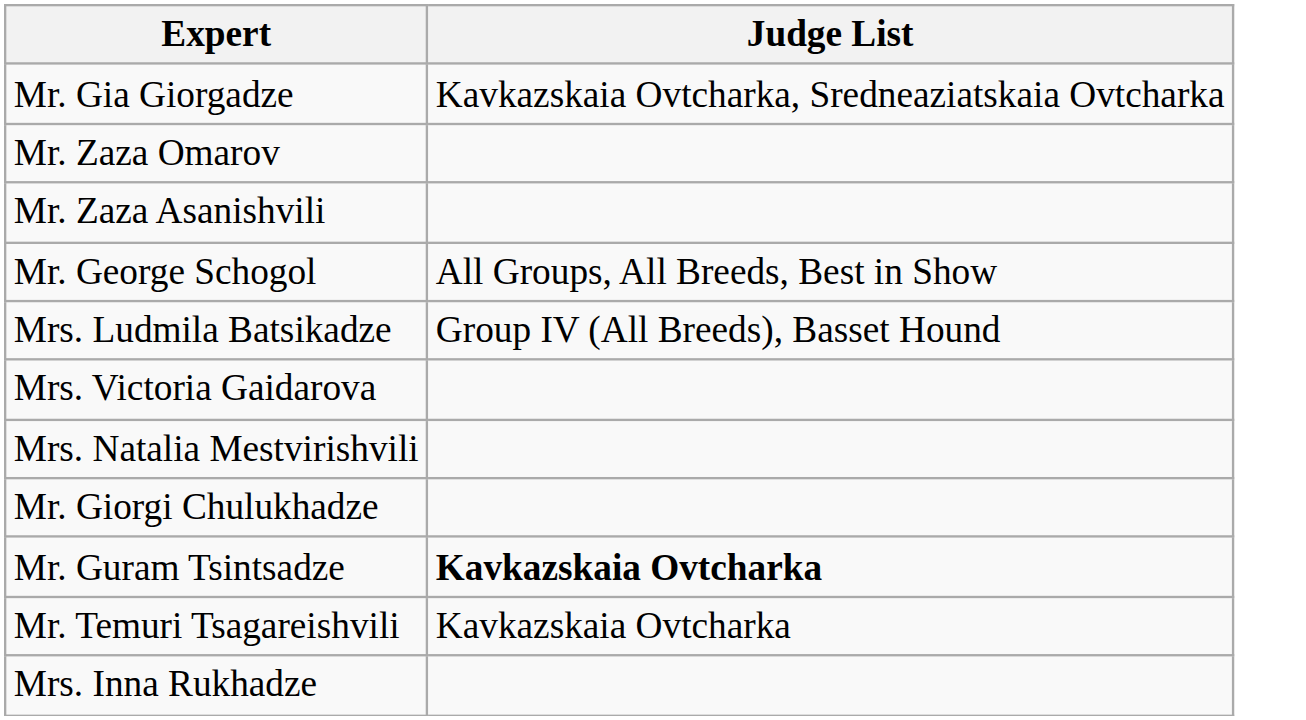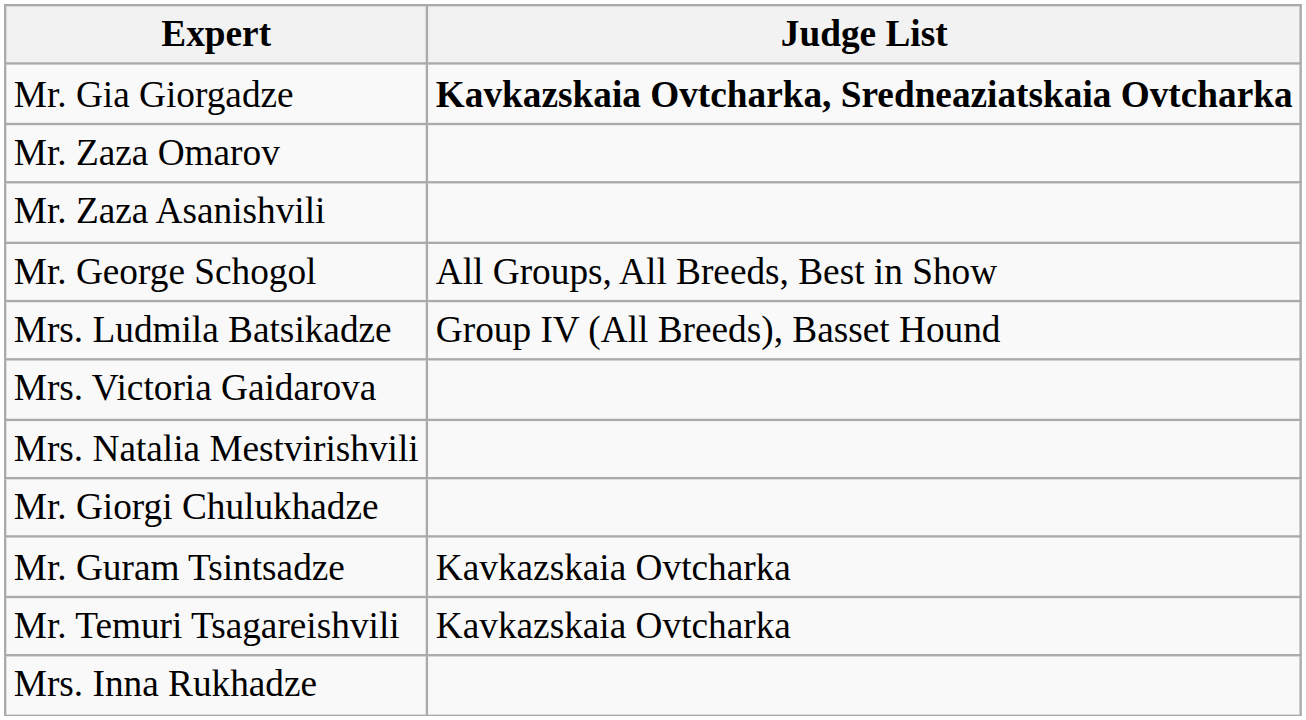 <table class="wikitable">
 <tr>
 <th>Expert</th>
 <th>Judge List</th>
 </tr>
 <tr>
 <td>Mr. Gia Giorgadze</td>
-<td>Kavkazskaia Ovtcharka, Sredneaziatskaia Ovtcharka</td>
+<td><strong>Kavkazskaia Ovtcharka, Sredneaziatskaia Ovtcharka</strong></td>
 </tr>
 <tr>
 <td>Mr. Zaza Omarov</td>
 <td></td>
 </tr>
 <tr>
 <td>Mr. Zaza Asanishvili</td>
 <td></td>
 </tr>
 <tr>
 <td>Mr. George Schogol</td>
 <td>All Groups, All Breeds, Best in Show</td>
 </tr>
 <tr>
 <td>Mrs. Ludmila Batsikadze</td>
 <td>Group IV (All Breeds), Basset Hound</td>
 </tr>
 <tr>
 <td>Mrs. Victoria Gaidarova</td>
 <td></td>
 </tr>
 <tr>
 <td>Mrs. Natalia Mestvirishvili</td>
 <td></td>
 </tr>
 <tr>
 <td>Mr. Giorgi Chulukhadze</td>
 <td></td>
 </tr>
 <tr>
 <td>Mr. Guram Tsintsadze</td>
-<td><strong>Kavkazskaia Ovtcharka</strong></td>
+<td>Kavkazskaia Ovtcharka</td>
 </tr>
 <tr>
 <td>Mr. Temuri Tsagareishvili</td>
 <td>Kavkazskaia Ovtcharka</td>
 </tr>
 <tr>
 <td>Mrs. Inna Rukhadze</td>
 <td></td>
 </tr>
 </table>
